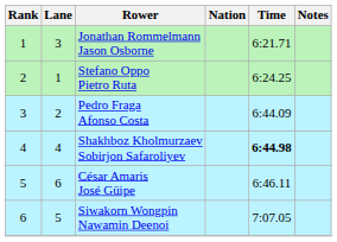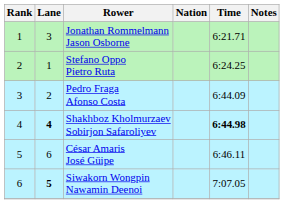 <table class="wikitable sortable" style="text-align:center">
 <tr>
 <th>Rank</th>
 <th>Lane</th>
 <th>Rower</th>
 <th>Nation</th>
 <th>Time</th>
 <th>Notes</th>
 </tr>
 <tr bgcolor=bbf3bb>
 <td>1</td>
 <td>3</td>
 <td align=left><a href='#'>Jonathan Rommelmann</a><br><a href='#'>Jason Osborne</a></td>
 <td align=left></td>
 <td>6:21.71</td>
 <td></td>
 </tr>
 <tr bgcolor=bbf3bb>
 <td>2</td>
 <td>1</td>
 <td align=left><a href='#'>Stefano Oppo</a><br><a href='#'>Pietro Ruta</a></td>
 <td align=left></td>
 <td>6:24.25</td>
 <td></td>
 </tr>
 <tr bgcolor=bbf3ff>
 <td>3</td>
 <td>2</td>
 <td align=left><a href='#'>Pedro Fraga </a><br><a href='#'>Afonso Costa</a></td>
 <td align=left></td>
 <td>6:44.09</td>
 <td></td>
 </tr>
 <tr bgcolor=bbf3ff>
 <td>4</td>
-<td>4</td>
+<td><strong>4</strong></td>
 <td align=left><a href='#'>Shakhboz Kholmurzaev</a><br><a href='#'>Sobirjon Safaroliyev</a></td>
 <td align=left></td>
 <td><strong>6:44.98</strong></td>
 <td></td>
 </tr>
 <tr bgcolor=bbf3ff>
 <td>5</td>
 <td>6</td>
 <td align=left><a href='#'>César Amaris</a><br><a href='#'>José Güipe</a></td>
 <td align=left></td>
 <td>6:46.11</td>
 <td></td>
 </tr>
 <tr bgcolor=bbf3ff>
 <td>6</td>
-<td>5</td>
+<td><strong>5</strong></td>
 <td align=left><a href='#'>Siwakorn Wongpin</a><br><a href='#'>Nawamin Deenoi</a></td>
 <td align=left></td>
 <td>7:07.05</td>
 <td></td>
 </tr>
 <tr>
 </tr>
 </table>
